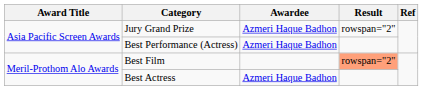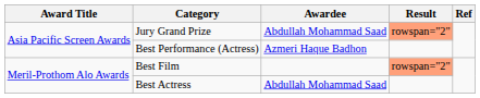 <table class="wikitable">
 <tr>
 <th>Award Title</th>
 <th>Category</th>
 <th>Awardee</th>
 <th>Result</th>
 <th>Ref</th>
 </tr>
 <tr>
 <td rowspan="2"><a href='#'>Asia Pacific Screen Awards</a></td>
 <td>Jury Grand Prize</td>
-<td><a href='#'>Azmeri Haque Badhon</a></td>
-<td>rowspan="2"</td>
+<td><a href='#'>Abdullah Mohammad Saad</a></td>
+<td style="background: lightsalmon;">rowspan="2"</td>
 <td rowspan="2"></td>
 </tr>
 <tr>
 <td>Best Performance (Actress)</td>
 <td><a href='#'>Azmeri Haque Badhon</a></td>
 </tr>
 <tr>
 <td rowspan="2"><a href='#'>Meril-Prothom Alo Awards</a></td>
 <td>Best Film</td>
 <td></td>
 <td style="background: lightsalmon;">rowspan="2"</td>
 <td rowspan="2"></td>
 </tr>
 <tr>
 <td>Best Actress</td>
-<td><a href='#'>Azmeri Haque Badhon</a></td>
+<td><a href='#'>Abdullah Mohammad Saad</a></td>
 </tr>
 </table>
